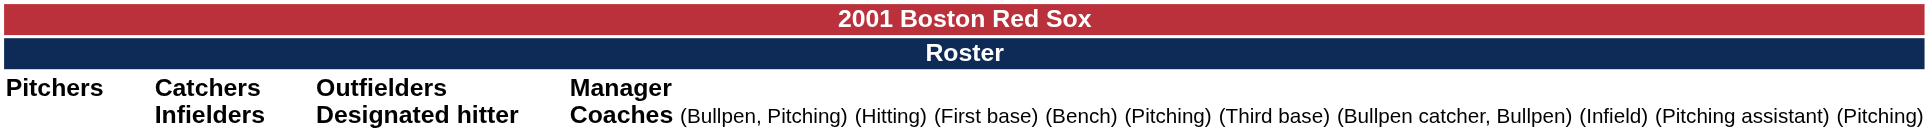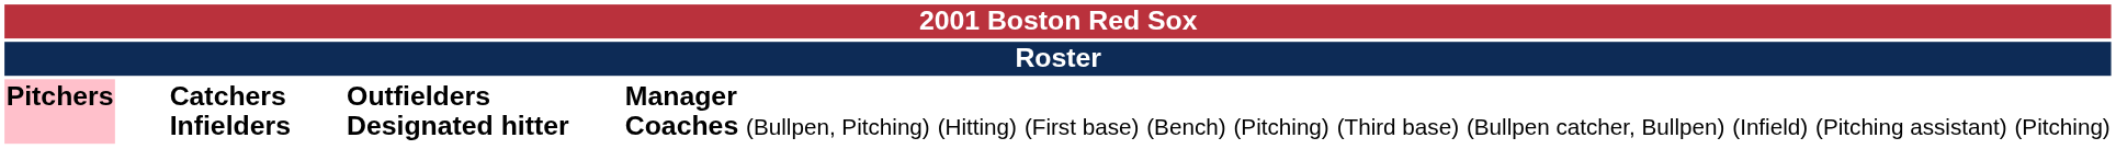 <table class="toccolours" style="text-align: left;">
 <tr>
 <th colspan="10" style="background-color: #ba313c; color: #FFFFFF; text-align: center;">2001 Boston Red Sox</th>
 </tr>
 <tr>
 <td colspan="10" style="background-color:#0d2b56; color: white; text-align: center;"><strong>Roster</strong></td>
 </tr>
 <tr>
-<td valign="top"><strong>Pitchers</strong><br>                      </td>
+<td valign="top" style="background: pink;"><strong>Pitchers</strong><br>                      </td>
 <td width="25px"></td>
 <td valign="top"><strong>Catchers</strong><br>     <strong>Infielders</strong>             </td>
 <td width="25px"></td>
 <td valign="top"><strong>Outfielders</strong><br>      <strong>Designated hitter</strong> </td>
 <td width="25px"></td>
 <td valign="top"><strong>Manager</strong><br>  <strong>Coaches</strong>  <small>(Bullpen, Pitching)</small>  <small>(Hitting)</small>  <small>(First base)</small>  <small>(Bench)</small>  <small>(Pitching)</small>  <small>(Third base)</small>  <small>(Bullpen catcher, Bullpen)</small>  <small>(Infield)</small>  <small>(Pitching assistant)</small>  <small>(Pitching)</small></td>
 </tr>
 <tr>
 </tr>
 </table>
